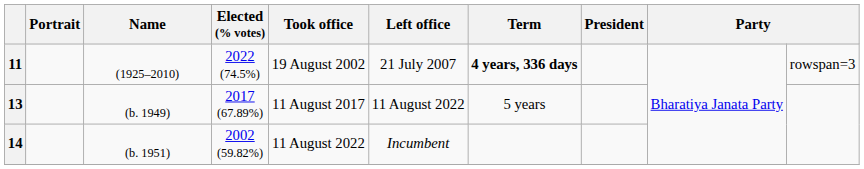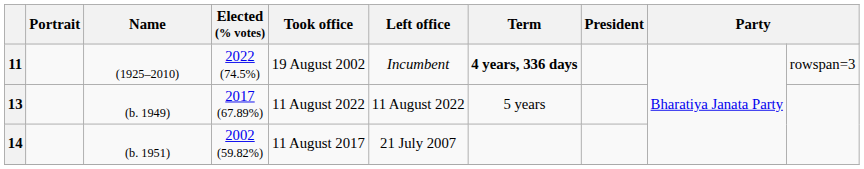 <table class="wikitable sortable" style="text-align:center; margin-top:0.5em">
 <tr>
 <th></th>
 <th class="unsortable">Portrait</th>
 <th width=15%>Name<br></th>
 <th>Elected<br><small>(% votes)</small></th>
 <th>Took office</th>
 <th>Left office</th>
 <th>Term</th>
 <th>President</th>
 <th scope="col" class="unsortable" colspan="3">Party</th>
 </tr>
 <tr>
 <th>11</th>
 <td></td>
 <td><strong></strong><br><small>(1925–2010)</small></td>
 <td><a href='#'>2022</a><br><small>(74.5%)</small></td>
 <td>19 August 2002</td>
-<td>21 July 2007</td>
+<td><em>Incumbent</em></td>
 <td><strong>4 years, 336 days</strong></td>
 <td></td>
 <td rowspan="3"><a href='#'>Bharatiya Janata Party</a></td>
 <td>rowspan=3 </td>
 </tr>
 <tr>
 <th>13</th>
 <td></td>
 <td><strong></strong><br><small>(b. 1949)</small></td>
 <td><a href='#'>2017</a><br><small>(67.89%)</small></td>
-<td>11 August 2017</td>
+<td>11 August 2022</td>
 <td>11 August 2022</td>
 <td>5 years</td>
 <td></td>
 </tr>
 <tr>
 <th>14</th>
 <td></td>
 <td><strong></strong><br><small>(b. 1951)</small></td>
 <td><a href='#'>2002</a><br><small>(59.82%)</small></td>
-<td>11 August 2022</td>
-<td><em>Incumbent</em></td>
+<td>11 August 2017</td>
+<td>21 July 2007</td>
 <td></td>
 <td></td>
 </tr>
 <tr>
 </tr>
 </table>
